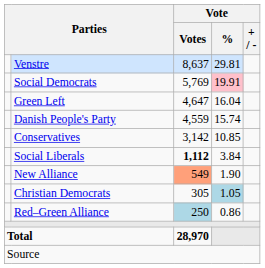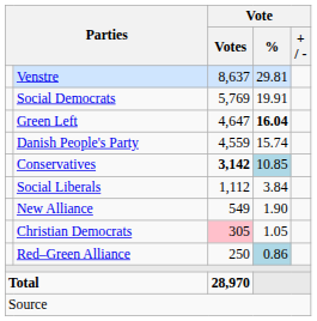 <table class="wikitable" style="text-align:right;">
 <tr>
 <th style="text-align:centre;" rowspan="2" colspan="2" width="225">Parties</th>
 <th colspan="3">Vote</th>
 </tr>
 <tr>
 <th width="15">Votes</th>
 <th width="15">%</th>
 <th width="15">+ / -</th>
 </tr>
 <tr>
 <td width="2" style="color:inherit;background:"></td>
 <td bgcolor=#cfe5fe  align="left"><a href='#'>Venstre</a></td>
 <td bgcolor=#cfe5fe>8,637</td>
 <td bgcolor=#cfe5fe>29.81</td>
 <td></td>
 </tr>
 <tr>
 <td width="2" style="color:inherit;background:"></td>
 <td align="left"><a href='#'>Social Democrats</a></td>
 <td>5,769</td>
-<td style="background: pink;">19.91</td>
+<td>19.91</td>
 <td></td>
 </tr>
 <tr>
 <td width="2" style="color:inherit;background:"></td>
 <td align="left"><a href='#'>Green Left</a></td>
 <td>4,647</td>
-<td>16.04</td>
+<td><strong>16.04</strong></td>
 <td></td>
 </tr>
 <tr>
 <td width="2" style="color:inherit;background:"></td>
 <td align="left"><a href='#'>Danish People's Party</a></td>
 <td>4,559</td>
 <td>15.74</td>
 <td></td>
 </tr>
 <tr>
 <td width="2" style="color:inherit;background:"></td>
 <td align="left"><a href='#'>Conservatives</a></td>
-<td>3,142</td>
-<td>10.85</td>
+<td><strong>3,142</strong></td>
+<td style="background: lightblue;">10.85</td>
 <td></td>
 </tr>
 <tr>
 <td width="2" style="color:inherit;background:"></td>
 <td align="left"><a href='#'>Social Liberals</a></td>
-<td><strong>1,112</strong></td>
+<td>1,112</td>
 <td>3.84</td>
 <td></td>
 </tr>
 <tr>
 <td width="2" style="color:inherit;background:"></td>
 <td align="left"><a href='#'>New Alliance</a></td>
-<td style="background: lightsalmon;">549</td>
+<td>549</td>
 <td>1.90</td>
 <td></td>
 </tr>
 <tr>
 <td width="2" style="color:inherit;background:"></td>
 <td align="left"><a href='#'>Christian Democrats</a></td>
-<td>305</td>
-<td style="background: lightblue;">1.05</td>
+<td style="background: pink;">305</td>
+<td>1.05</td>
 <td></td>
 </tr>
 <tr>
 <td width="2" style="color:inherit;background:"></td>
 <td align="left"><a href='#'>Red–Green Alliance</a></td>
-<td style="background: lightblue;">250</td>
-<td>0.86</td>
+<td>250</td>
+<td style="background: lightblue;">0.86</td>
 <td></td>
 </tr>
 <tr>
 <td colspan="7" bgcolor="#E9E9E9"></td>
 </tr>
 <tr>
 <td align="left" colspan="2"><strong>Total</strong></td>
 <td><strong>28,970</strong></td>
 <td bgcolor="#E9E9E9" colspan="2"></td>
 </tr>
 <tr>
 <td align="left" colspan="6">Source</td>
 </tr>
 </table>
